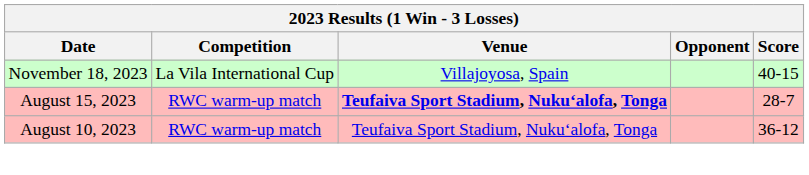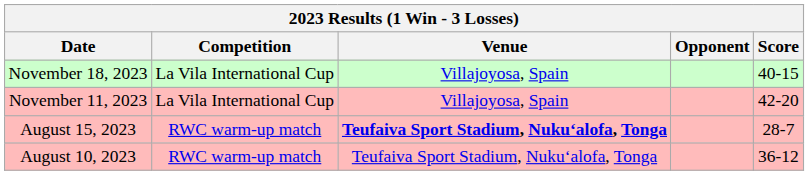 <table class="wikitable sortable">
 <tr>
 <th colspan="5"><strong>2023 Results (1 Win - 3 Losses)</strong></th>
 </tr>
 <tr>
 <th>Date</th>
 <th>Competition</th>
 <th>Venue</th>
 <th>Opponent</th>
 <th>Score</th>
 </tr>
 <tr style="background:#cfc;">
 <td align=center>November 18, 2023</td>
 <td align=center>La Vila International Cup</td>
 <td align=center><a href='#'>Villajoyosa</a>, <a href='#'>Spain</a></td>
 <td align=center></td>
 <td align=center>40-15</td>
 </tr>
 <tr style="background:#fbb;">
+<td align=center>November 11, 2023</td>
+<td align=center>La Vila International Cup</td>
+<td align=center><a href='#'>Villajoyosa</a>, <a href='#'>Spain</a></td>
+<td align=center></td>
+<td align=center>42-20</td>
+</tr>
+<tr style="background:#fbb;">
 <td align=center>August 15, 2023</td>
 <td align=center><a href='#'>RWC warm-up match</a></td>
 <td align=center><strong><a href='#'>Teufaiva Sport Stadium</a>, <a href='#'>Nukuʻalofa</a>, <a href='#'>Tonga</a></strong></td>
 <td align=center></td>
 <td align=center>28-7</td>
 </tr>
 <tr style="background:#fbb;">
 <td align=center>August 10, 2023</td>
 <td align=center><a href='#'>RWC warm-up match</a></td>
 <td align=center><a href='#'>Teufaiva Sport Stadium</a>, <a href='#'>Nukuʻalofa</a>, <a href='#'>Tonga</a></td>
 <td align=center></td>
 <td align=center>36-12</td>
 </tr>
 </table>
